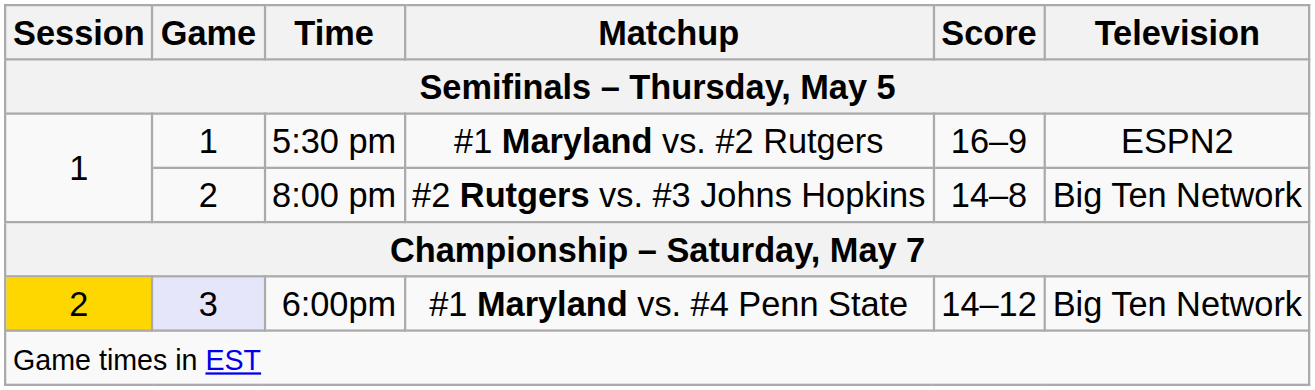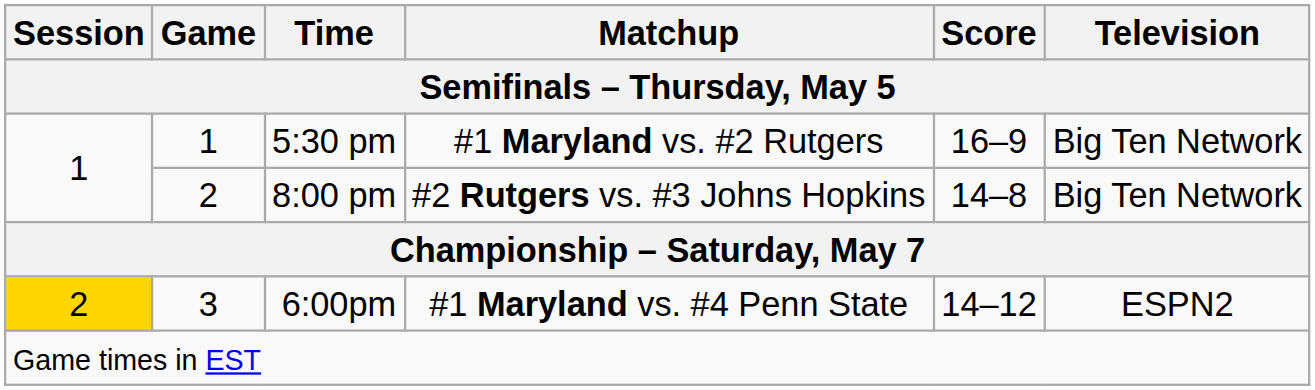 <table class="wikitable" style="font-size: 95%">
 <tr>
 <th>Session</th>
 <th>Game</th>
 <th>Time</th>
 <th>Matchup</th>
 <th>Score</th>
 <th>Television</th>
 </tr>
 <tr>
 <th colspan=6>Semifinals – Thursday, May 5</th>
 </tr>
 <tr>
 <td rowspan=2 align=center>1</td>
 <td align=center>1</td>
 <td align=right>5:30 pm</td>
 <td align=center>#1 <strong>Maryland</strong> vs. #2 Rutgers</td>
 <td align=center>16–9</td>
-<td rowspan=1 align=center>ESPN2</td>
+<td rowspan=1 align=center>Big Ten Network</td>
 </tr>
 <tr>
 <td align=center>2</td>
 <td align=right>8:00 pm</td>
 <td align=center>#2 <strong>Rutgers</strong> vs. #3 Johns Hopkins</td>
 <td align=center>14–8</td>
 <td rowspan=1 align=center>Big Ten Network</td>
 </tr>
 <tr>
 <th colspan=6>Championship – Saturday, May 7</th>
 </tr>
 <tr>
 <td rowspan=1 align=center style="background: gold;">2</td>
-<td align=center style="background: lavender;">3</td>
+<td align=center>3</td>
 <td align=right>6:00pm</td>
 <td align=center>#1 <strong>Maryland</strong> vs. #4 Penn State</td>
 <td align=center>14–12</td>
-<td rowspan=1 align=center>Big Ten Network</td>
+<td rowspan=1 align=center>ESPN2</td>
 </tr>
 <tr>
 <td colspan=6><small>Game times in <a href='#'>EST</a></small></td>
 </tr>
 </table>
